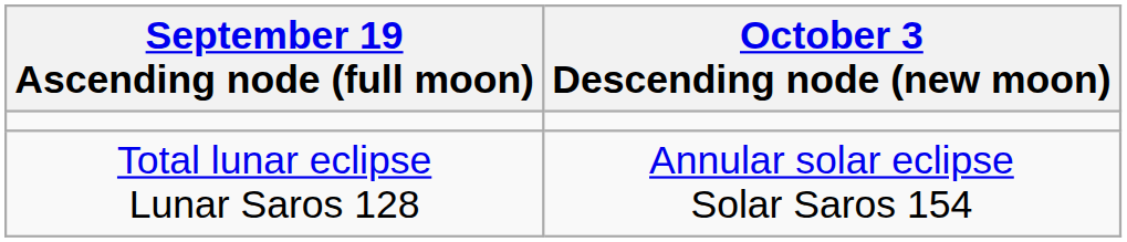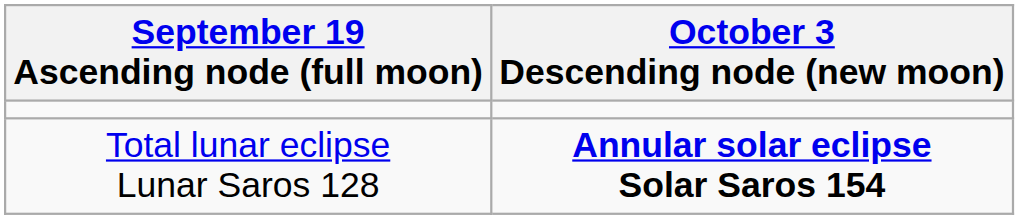 <table class="wikitable">
 <tr>
 <th><a href='#'>September 19</a><br>Ascending node (full moon)<br></th>
 <th><a href='#'>October 3</a><br>Descending node (new moon)<br></th>
 </tr>
 <tr>
 <td></td>
 <td></td>
 </tr>
 <tr align=center>
 <td><a href='#'>Total lunar eclipse</a><br>Lunar Saros 128</td>
-<td><a href='#'>Annular solar eclipse</a><br>Solar Saros 154</td>
+<td><strong><a href='#'>Annular solar eclipse</a><br>Solar Saros 154</strong></td>
 </tr>
 </table>
